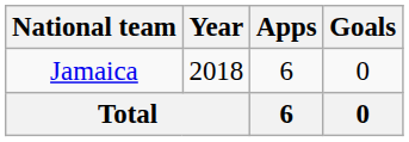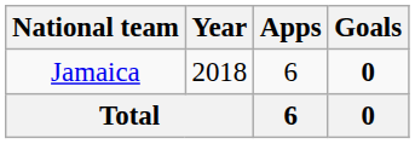 <table class="wikitable" style="text-align:center">
 <tr>
 <th>National team</th>
 <th>Year</th>
 <th>Apps</th>
 <th>Goals</th>
 </tr>
 <tr>
 <td><a href='#'>Jamaica</a></td>
 <td>2018</td>
 <td>6</td>
-<td>0</td>
+<td><strong>0</strong></td>
 </tr>
 <tr>
 <th colspan="2">Total</th>
 <th>6</th>
 <th>0</th>
 </tr>
 </table>
